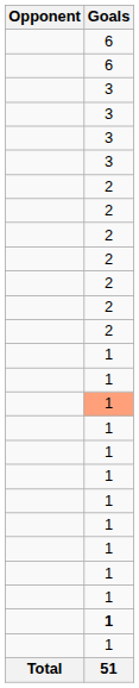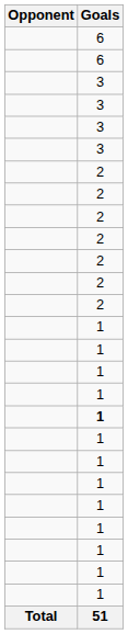 <table class="wikitable sortable">
 <tr>
 <th>Opponent</th>
 <th>Goals</th>
 </tr>
 <tr>
 <td></td>
 <td align=center>6</td>
 </tr>
 <tr>
 <td></td>
 <td align=center>6</td>
 </tr>
 <tr>
 <td></td>
 <td align=center>3</td>
 </tr>
 <tr>
 <td></td>
 <td align=center>3</td>
 </tr>
 <tr>
 <td></td>
 <td align=center>3</td>
 </tr>
 <tr>
 <td></td>
 <td align=center>3</td>
 </tr>
 <tr>
 <td></td>
 <td align=center>2</td>
 </tr>
 <tr>
 <td></td>
 <td align=center>2</td>
 </tr>
 <tr>
 <td></td>
 <td align=center>2</td>
 </tr>
 <tr>
 <td></td>
 <td align=center>2</td>
 </tr>
 <tr>
 <td></td>
 <td align=center>2</td>
 </tr>
 <tr>
 <td></td>
 <td align=center>2</td>
 </tr>
 <tr>
 <td></td>
 <td align=center>2</td>
 </tr>
 <tr>
 <td></td>
 <td align=center>1</td>
 </tr>
 <tr>
 <td></td>
 <td align=center>1</td>
 </tr>
 <tr>
 <td></td>
-<td align=center style="background: lightsalmon;">1</td>
+<td align=center>1</td>
+</tr>
+<tr>
+<td></td>
+<td align=center>1</td>
+</tr>
+<tr>
+<td></td>
+<td align=center><strong>1</strong></td>
 </tr>
 <tr>
 <td></td>
 <td align=center>1</td>
 </tr>
 <tr>
 <td></td>
 <td align=center>1</td>
 </tr>
 <tr>
 <td></td>
 <td align=center>1</td>
 </tr>
 <tr>
 <td></td>
 <td align=center>1</td>
 </tr>
 <tr>
 <td></td>
 <td align=center>1</td>
 </tr>
 <tr>
 <td></td>
 <td align=center>1</td>
 </tr>
 <tr>
 <td></td>
 <td align=center>1</td>
 </tr>
 <tr>
 <td></td>
 <td align=center>1</td>
 </tr>
-<tr>
-<td></td>
-<td align=center><strong>1</strong></td>
-</tr>
-<tr>
-<td></td>
-<td align=center>1</td>
-</tr>
 <tr class=sortbottom>
 <th scope=row>Total</th>
 <th>51</th>
 </tr>
 </table>
